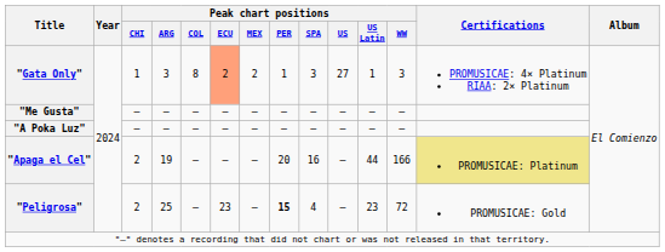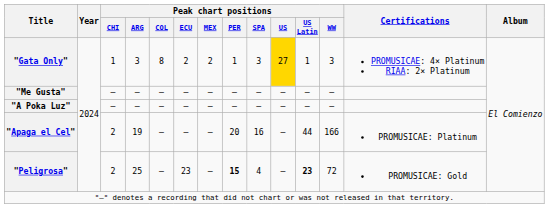 <table class="wikitable plainrowheaders" style="text-align:center;">
 <tr>
 <th scope="col" rowspan="2">Title</th>
 <th scope="col" rowspan="2">Year</th>
 <th scope="col" colspan="10">Peak chart positions</th>
 <th scope="col" rowspan="2"><a href='#'>Certifications</a></th>
 <th scope="col" rowspan="2">Album</th>
 </tr>
 <tr>
 <th scope="col" style="width:3em;font-size:85%;"><a href='#'>CHI</a><br></th>
 <th scope="col" style="width:3em;font-size:85%;"><a href='#'>ARG</a><br></th>
 <th scope="col" style="width:3em;font-size:85%;"><a href='#'>COL</a><br></th>
 <th scope="col" style="width:3em;font-size:85%;"><a href='#'>ECU</a><br></th>
 <th scope="col" style="width:3em;font-size:85%;"><a href='#'>MEX</a><br></th>
 <th scope="col" style="width:3em;font-size:85%;"><a href='#'>PER</a><br></th>
 <th scope="col" style="width:3em;font-size:85%;"><a href='#'>SPA</a><br></th>
 <th scope="col" style="width:3em;font-size:85%;"><a href='#'>US</a><br></th>
 <th scope="col" style="width:3em;font-size:85%;"><a href='#'>US<br>Latin</a><br></th>
 <th scope="col" style="width:3em;font-size:85%;"><a href='#'>WW</a><br></th>
 </tr>
 <tr>
 <th scope="row">"<a href='#'>Gata Only</a>"<br></th>
 <td rowspan="5">2024</td>
 <td>1</td>
 <td>3</td>
 <td>8</td>
-<td style="background: lightsalmon;">2</td>
+<td>2</td>
 <td>2</td>
 <td>1</td>
 <td>3</td>
-<td>27</td>
+<td style="background: gold;">27</td>
 <td>1</td>
 <td>3</td>
 <td><br><ul><li><a href='#'>PROMUSICAE</a>: 4× Platinum</li><li><a href='#'>RIAA</a>: 2× Platinum</li></ul></td>
 <td rowspan="5"><em>El Comienzo</em></td>
 </tr>
 <tr>
 <th scope="row">"Me Gusta"<br></th>
 <td>—</td>
 <td>—</td>
 <td>—</td>
 <td>—</td>
 <td>—</td>
 <td>—</td>
 <td>—</td>
 <td>—</td>
 <td>—</td>
 <td>—</td>
 <td></td>
 </tr>
 <tr>
 <th scope="row">"A Poka Luz"</th>
 <td>—</td>
 <td>—</td>
 <td>—</td>
 <td>—</td>
 <td>—</td>
 <td>—</td>
 <td>—</td>
 <td>—</td>
 <td>—</td>
 <td>—</td>
 <td></td>
 </tr>
 <tr>
 <th scope="row">"<a href='#'>Apaga el Cel</a>"<br></th>
 <td>2</td>
 <td>19</td>
 <td>—</td>
 <td>—</td>
 <td>—</td>
 <td>20</td>
 <td>16</td>
 <td>—</td>
 <td>44</td>
 <td>166</td>
-<td style="background: khaki;"><br><ul><li>PROMUSICAE: Platinum</li></ul></td>
+<td><br><ul><li>PROMUSICAE: Platinum</li></ul></td>
 </tr>
 <tr>
 <th scope="row">"<a href='#'>Peligrosa</a>"</th>
 <td>2</td>
 <td>25</td>
 <td>—</td>
 <td>23</td>
 <td>—</td>
 <td><strong>15</strong></td>
 <td>4</td>
 <td>—</td>
-<td>23</td>
+<td><strong>23</strong></td>
 <td>72</td>
 <td><br><ul><li>PROMUSICAE: Gold</li></ul></td>
 </tr>
 <tr>
 <td colspan="14" style="font-size:90%">"—" denotes a recording that did not chart or was not released in that territory.</td>
 </tr>
 </table>
